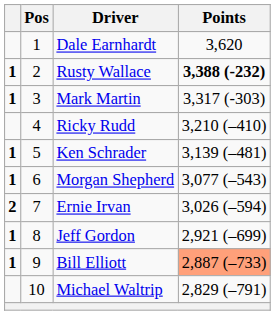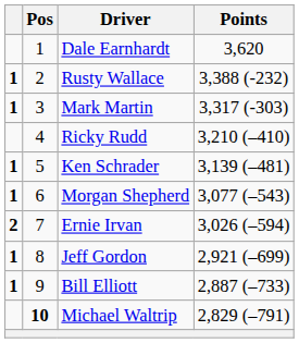 <table class="wikitable" style="font-size: 95%;">
 <tr>
 <th></th>
 <th>Pos</th>
 <th>Driver</th>
 <th>Points</th>
 </tr>
 <tr>
 <td align="left"></td>
 <td style="text-align:center;">1</td>
 <td><a href='#'>Dale Earnhardt</a></td>
 <td style="text-align:center;">3,620</td>
 </tr>
 <tr>
 <td align="left"> <strong>1</strong></td>
 <td style="text-align:center;">2</td>
 <td><a href='#'>Rusty Wallace</a></td>
-<td style="text-align:center;"><strong>3,388 (-232)</strong></td>
+<td style="text-align:center;">3,388 (-232)</td>
 </tr>
 <tr>
 <td align="left"> <strong>1</strong></td>
 <td style="text-align:center;">3</td>
 <td><a href='#'>Mark Martin</a></td>
 <td style="text-align:center;">3,317 (-303)</td>
 </tr>
 <tr>
 <td align="left"></td>
 <td style="text-align:center;">4</td>
 <td><a href='#'>Ricky Rudd</a></td>
 <td style="text-align:center;">3,210 (–410)</td>
 </tr>
 <tr>
 <td align="left"> <strong>1</strong></td>
 <td style="text-align:center;">5</td>
 <td><a href='#'>Ken Schrader</a></td>
 <td style="text-align:center;">3,139 (–481)</td>
 </tr>
 <tr>
 <td align="left"> <strong>1</strong></td>
 <td style="text-align:center;">6</td>
 <td><a href='#'>Morgan Shepherd</a></td>
 <td style="text-align:center;">3,077 (–543)</td>
 </tr>
 <tr>
 <td align="left"> <strong>2</strong></td>
 <td style="text-align:center;">7</td>
 <td><a href='#'>Ernie Irvan</a></td>
 <td style="text-align:center;">3,026 (–594)</td>
 </tr>
 <tr>
 <td align="left"> <strong>1</strong></td>
 <td style="text-align:center;">8</td>
 <td><a href='#'>Jeff Gordon</a></td>
 <td style="text-align:center;">2,921 (–699)</td>
 </tr>
 <tr>
 <td align="left"> <strong>1</strong></td>
 <td style="text-align:center;">9</td>
 <td><a href='#'>Bill Elliott</a></td>
-<td style="background: lightsalmon; text-align:center;">2,887 (–733)</td>
+<td style="text-align:center;">2,887 (–733)</td>
 </tr>
 <tr>
 <td align="left"></td>
-<td style="text-align:center;">10</td>
+<td style="text-align:center;"><strong>10</strong></td>
 <td><a href='#'>Michael Waltrip</a></td>
 <td style="text-align:center;">2,829 (–791)</td>
 </tr>
 <tr class="sortbottom">
 <th colspan="9"></th>
 </tr>
 </table>
